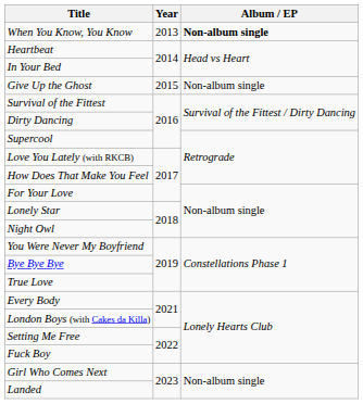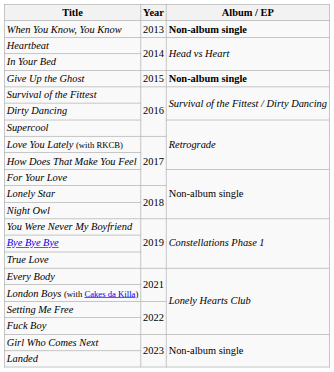 <table class="wikitable">
 <tr>
 <th>Title</th>
 <th>Year</th>
 <th>Album / EP</th>
 </tr>
 <tr>
 <td><em>When You Know, You Know</em></td>
 <td>2013</td>
 <td><strong>Non-album single</strong></td>
 </tr>
 <tr>
 <td><em>Heartbeat</em></td>
 <td rowspan="2">2014</td>
 <td rowspan="2"><em>Head vs Heart</em></td>
 </tr>
 <tr>
 <td><em>In Your Bed</em></td>
 </tr>
 <tr>
 <td><em>Give Up the Ghost</em></td>
 <td>2015</td>
-<td>Non-album single</td>
+<td><strong>Non-album single</strong></td>
 </tr>
 <tr>
 <td><em>Survival of the Fittest</em></td>
 <td rowspan="3">2016</td>
 <td rowspan="2"><em>Survival of the Fittest / Dirty Dancing</em></td>
 </tr>
 <tr>
 <td><em>Dirty Dancing</em></td>
 </tr>
 <tr>
 <td><em>Supercool</em></td>
 <td rowspan="3"><em>Retrograde</em></td>
 </tr>
 <tr>
 <td><em>Love You Lately</em> <small>(with RKCB)</small></td>
 <td rowspan="3">2017</td>
 </tr>
 <tr>
 <td><em>How Does That Make You Feel</em></td>
 </tr>
 <tr>
 <td><em>For Your Love</em></td>
 <td rowspan="3">Non-album single</td>
 </tr>
 <tr>
 <td><em>Lonely Star</em></td>
 <td rowspan="2">2018</td>
 </tr>
 <tr>
 <td><em>Night Owl</em></td>
 </tr>
 <tr>
 <td><em>You Were Never My Boyfriend</em></td>
 <td rowspan="3">2019</td>
 <td rowspan="3"><em>Constellations Phase 1</em></td>
 </tr>
 <tr>
 <td><em><a href='#'>Bye Bye Bye</a></em></td>
 </tr>
 <tr>
 <td><em>True Love</em></td>
 </tr>
 <tr>
 <td><em>Every Body</em></td>
 <td rowspan="2">2021</td>
 <td rowspan="4"><em>Lonely Hearts Club</em></td>
 </tr>
 <tr>
 <td><em>London Boys</em> <small>(with <a href='#'>Cakes da Killa</a>)</small></td>
 </tr>
 <tr>
 <td><em>Setting Me Free</em></td>
 <td rowspan="2">2022</td>
 </tr>
 <tr>
 <td><em>Fuck Boy</em></td>
 </tr>
 <tr>
 <td><em>Girl Who Comes Next</em></td>
 <td rowspan="2">2023</td>
 <td rowspan="2">Non-album single</td>
 </tr>
 <tr>
 <td><em>Landed</em></td>
 </tr>
 </table>
